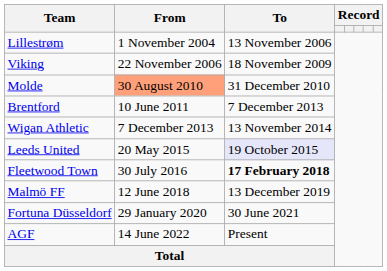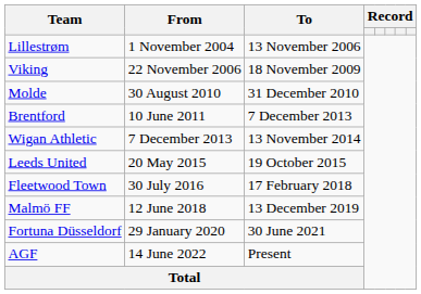 <table class=wikitable style="text-align: center">
 <tr>
 <th rowspan=2>Team</th>
 <th rowspan=2>From</th>
 <th rowspan=2>To</th>
 <th colspan=5>Record</th>
 </tr>
 <tr>
 <th></th>
 <th></th>
 <th></th>
 <th></th>
 <th></th>
 </tr>
 <tr>
 <td align=left><a href='#'>Lillestrøm</a></td>
 <td align=left>1 November 2004</td>
 <td align=left>13 November 2006<br></td>
 </tr>
 <tr>
 <td align=left><a href='#'>Viking</a></td>
 <td align=left>22 November 2006</td>
 <td align=left>18 November 2009<br></td>
 </tr>
 <tr>
 <td align=left><a href='#'>Molde</a></td>
-<td align=left style="background: lightsalmon;">30 August 2010</td>
+<td align=left>30 August 2010</td>
 <td align=left>31 December 2010<br></td>
 </tr>
 <tr>
 <td align=left><a href='#'>Brentford</a></td>
 <td align=left>10 June 2011</td>
 <td align=left>7 December 2013<br></td>
 </tr>
 <tr>
 <td align=left><a href='#'>Wigan Athletic</a></td>
 <td align=left>7 December 2013</td>
 <td align=left>13 November 2014<br></td>
 </tr>
 <tr>
 <td align=left><a href='#'>Leeds United</a></td>
 <td align=left>20 May 2015</td>
-<td align=left style="background: lavender;">19 October 2015<br></td>
+<td align=left>19 October 2015<br></td>
 </tr>
 <tr>
 <td align=left><a href='#'>Fleetwood Town</a></td>
 <td align=left>30 July 2016</td>
-<td align=left><strong>17 February 2018<br></strong></td>
+<td align=left>17 February 2018<br></td>
 </tr>
 <tr>
 <td align=left><a href='#'>Malmö FF</a></td>
 <td align=left>12 June 2018</td>
 <td align=left>13 December 2019<br></td>
 </tr>
 <tr>
 <td align=left><a href='#'>Fortuna Düsseldorf</a></td>
 <td align=left>29 January 2020</td>
 <td align=left>30 June 2021<br></td>
 </tr>
 <tr>
 <td align=left><a href='#'>AGF</a></td>
 <td align=left>14 June 2022</td>
 <td align=left>Present<br></td>
 </tr>
 <tr>
 <th colspan=3>Total<br></th>
 </tr>
 </table>
